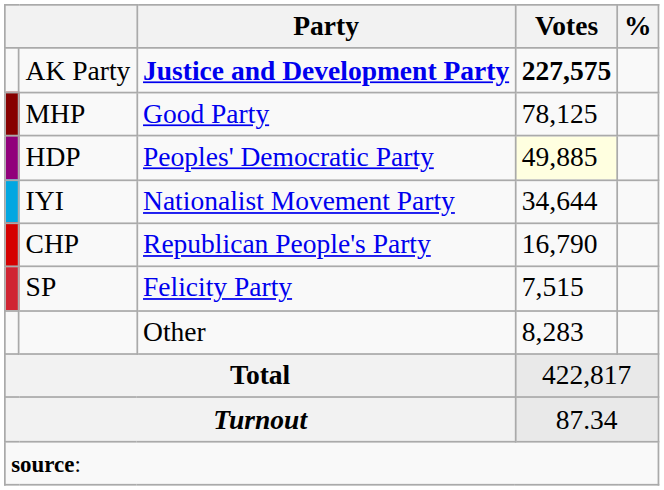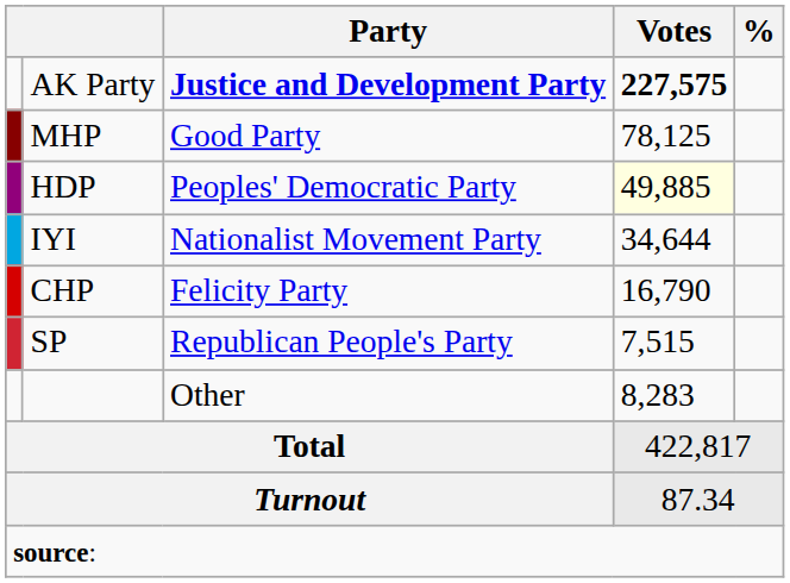 <table class="wikitable">
 <tr>
 <th colspan="2" align="center"></th>
 <th align="center">Party</th>
 <th align="center">Votes</th>
 <th align="center">%</th>
 </tr>
 <tr align="left">
 <td></td>
 <td>AK Party</td>
 <td><strong><a href='#'>Justice and Development Party</a></strong></td>
 <td><strong>227,575</strong></td>
 <td><strong></strong></td>
 </tr>
 <tr align="left">
 <td bgcolor="#870000" width="1"></td>
 <td>MHP</td>
 <td><a href='#'>Good Party</a></td>
 <td>78,125</td>
 <td></td>
 </tr>
 <tr align="left">
 <td bgcolor="#91007B" width="1"></td>
 <td>HDP</td>
 <td><a href='#'>Peoples' Democratic Party</a></td>
 <td style="background: lightyellow;">49,885</td>
 <td></td>
 </tr>
 <tr align="left">
 <td bgcolor="#01A7E1" width="1"></td>
 <td>IYI</td>
 <td><a href='#'>Nationalist Movement Party</a></td>
 <td>34,644</td>
 <td></td>
 </tr>
 <tr align="left">
 <td bgcolor="#d50000" width="1"></td>
 <td>CHP</td>
-<td><a href='#'>Republican People's Party</a></td>
+<td><a href='#'>Felicity Party</a></td>
 <td>16,790</td>
 <td></td>
 </tr>
 <tr align="left">
 <td bgcolor="#D02433" width="1"></td>
 <td>SP</td>
-<td><a href='#'>Felicity Party</a></td>
+<td><a href='#'>Republican People's Party</a></td>
 <td>7,515</td>
 <td></td>
 </tr>
 <tr align="left">
 <td bgcolor="" width="1"></td>
 <td></td>
 <td>Other</td>
 <td>8,283</td>
 <td></td>
 </tr>
 <tr align="left" style="background-color:#E9E9E9">
 <th colspan="3" align="center"><strong>Total</strong></th>
 <td colspan="5" align="center">422,817</td>
 </tr>
 <tr align="left" style="background-color:#E9E9E9">
 <th colspan="3" align="center"><em>Turnout</em></th>
 <td colspan="5" align="center">87.34</td>
 </tr>
 <tr>
 <td colspan="9" align="left"><small><strong>source</strong>: </small></td>
 </tr>
 </table>
